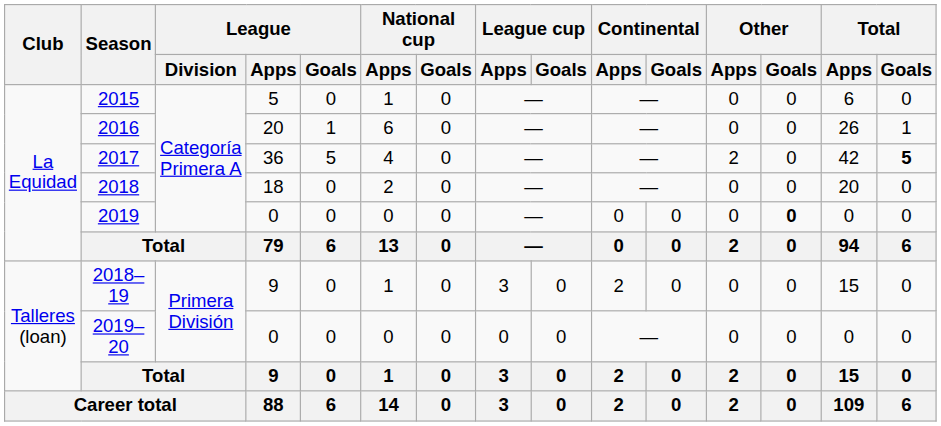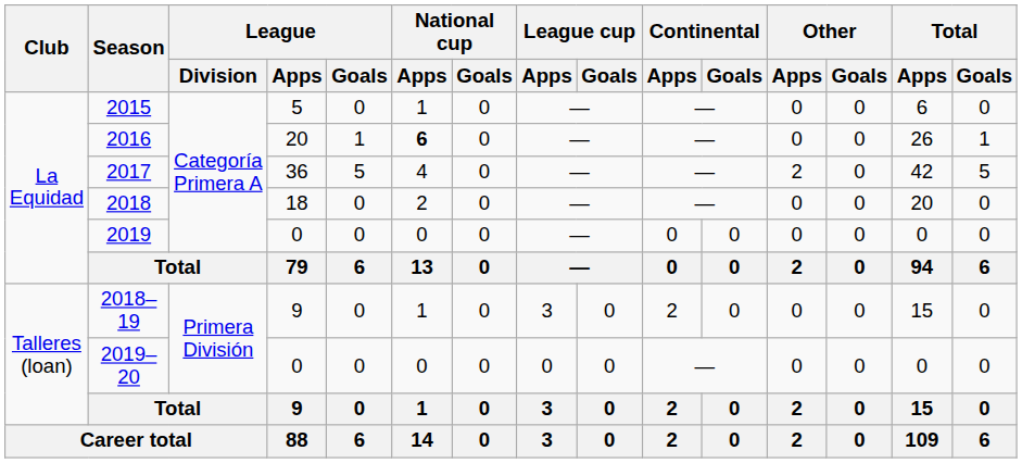 <table class="wikitable" style="text-align:center">
 <tr>
 <th rowspan="2">Club</th>
 <th rowspan="2">Season</th>
 <th colspan="3">League</th>
 <th colspan="2">National cup</th>
 <th colspan="2">League cup</th>
 <th colspan="2">Continental</th>
 <th colspan="2">Other</th>
 <th colspan="2">Total</th>
 </tr>
 <tr>
 <th>Division</th>
 <th>Apps</th>
 <th>Goals</th>
 <th>Apps</th>
 <th>Goals</th>
 <th>Apps</th>
 <th>Goals</th>
 <th>Apps</th>
 <th>Goals</th>
 <th>Apps</th>
 <th>Goals</th>
 <th>Apps</th>
 <th>Goals</th>
 </tr>
 <tr>
 <td rowspan="6"><a href='#'>La Equidad</a></td>
 <td><a href='#'>2015</a></td>
 <td rowspan="5"><a href='#'>Categoría Primera A</a></td>
 <td>5</td>
 <td>0</td>
 <td>1</td>
 <td>0</td>
 <td colspan="2">—</td>
 <td colspan="2">—</td>
 <td>0</td>
 <td>0</td>
 <td>6</td>
 <td>0</td>
 </tr>
 <tr>
 <td><a href='#'>2016</a></td>
 <td>20</td>
 <td>1</td>
-<td>6</td>
+<td><strong>6</strong></td>
 <td>0</td>
 <td colspan="2">—</td>
 <td colspan="2">—</td>
 <td>0</td>
 <td>0</td>
 <td>26</td>
 <td>1</td>
 </tr>
 <tr>
 <td><a href='#'>2017</a></td>
 <td>36</td>
 <td>5</td>
 <td>4</td>
 <td>0</td>
 <td colspan="2">—</td>
 <td colspan="2">—</td>
 <td>2</td>
 <td>0</td>
 <td>42</td>
-<td><strong>5</strong></td>
+<td>5</td>
 </tr>
 <tr>
 <td><a href='#'>2018</a></td>
 <td>18</td>
 <td>0</td>
 <td>2</td>
 <td>0</td>
 <td colspan="2">—</td>
 <td colspan="2">—</td>
 <td>0</td>
 <td>0</td>
 <td>20</td>
 <td>0</td>
 </tr>
 <tr>
 <td><a href='#'>2019</a></td>
 <td>0</td>
 <td>0</td>
 <td>0</td>
 <td>0</td>
 <td colspan="2">—</td>
 <td>0</td>
 <td>0</td>
 <td>0</td>
-<td><strong>0</strong></td>
+<td>0</td>
 <td>0</td>
 <td>0</td>
 </tr>
 <tr>
 <th colspan="2">Total</th>
 <th>79</th>
 <th>6</th>
 <th>13</th>
 <th>0</th>
 <th colspan="2">—</th>
 <th>0</th>
 <th>0</th>
 <th>2</th>
 <th>0</th>
 <th>94</th>
 <th>6</th>
 </tr>
 <tr>
 <td rowspan="3"><a href='#'>Talleres</a> (loan)</td>
 <td><a href='#'>2018–19</a></td>
 <td rowspan="2"><a href='#'>Primera División</a></td>
 <td>9</td>
 <td>0</td>
 <td>1</td>
 <td>0</td>
 <td>3</td>
 <td>0</td>
 <td>2</td>
 <td>0</td>
 <td>0</td>
 <td>0</td>
 <td>15</td>
 <td>0</td>
 </tr>
 <tr>
 <td><a href='#'>2019–20</a></td>
 <td>0</td>
 <td>0</td>
 <td>0</td>
 <td>0</td>
 <td>0</td>
 <td>0</td>
 <td colspan="2">—</td>
 <td>0</td>
 <td>0</td>
 <td>0</td>
 <td>0</td>
 </tr>
 <tr>
 <th colspan="2">Total</th>
 <th>9</th>
 <th>0</th>
 <th>1</th>
 <th>0</th>
 <th>3</th>
 <th>0</th>
 <th>2</th>
 <th>0</th>
 <th>2</th>
 <th>0</th>
 <th>15</th>
 <th>0</th>
 </tr>
 <tr>
 <th colspan="3">Career total</th>
 <th>88</th>
 <th>6</th>
 <th>14</th>
 <th>0</th>
 <th>3</th>
 <th>0</th>
 <th>2</th>
 <th>0</th>
 <th>2</th>
 <th>0</th>
 <th>109</th>
 <th>6</th>
 </tr>
 </table>
